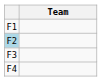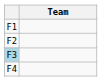 <table class="wikitable" style="display:inline-table;float:left;">
 <tr>
 <th></th>
 <th width=110>Team</th>
 </tr>
 <tr>
 <td align=center>F1</td>
 <td></td>
 </tr>
 <tr>
-<td align=center style="background: lightblue;">F2</td>
+<td align=center>F2</td>
 <td></td>
 </tr>
 <tr>
-<td align=center>F3</td>
+<td align=center style="background: lightblue;">F3</td>
 <td></td>
 </tr>
 <tr>
 <td align=center>F4</td>
 <td></td>
 </tr>
 </table>
